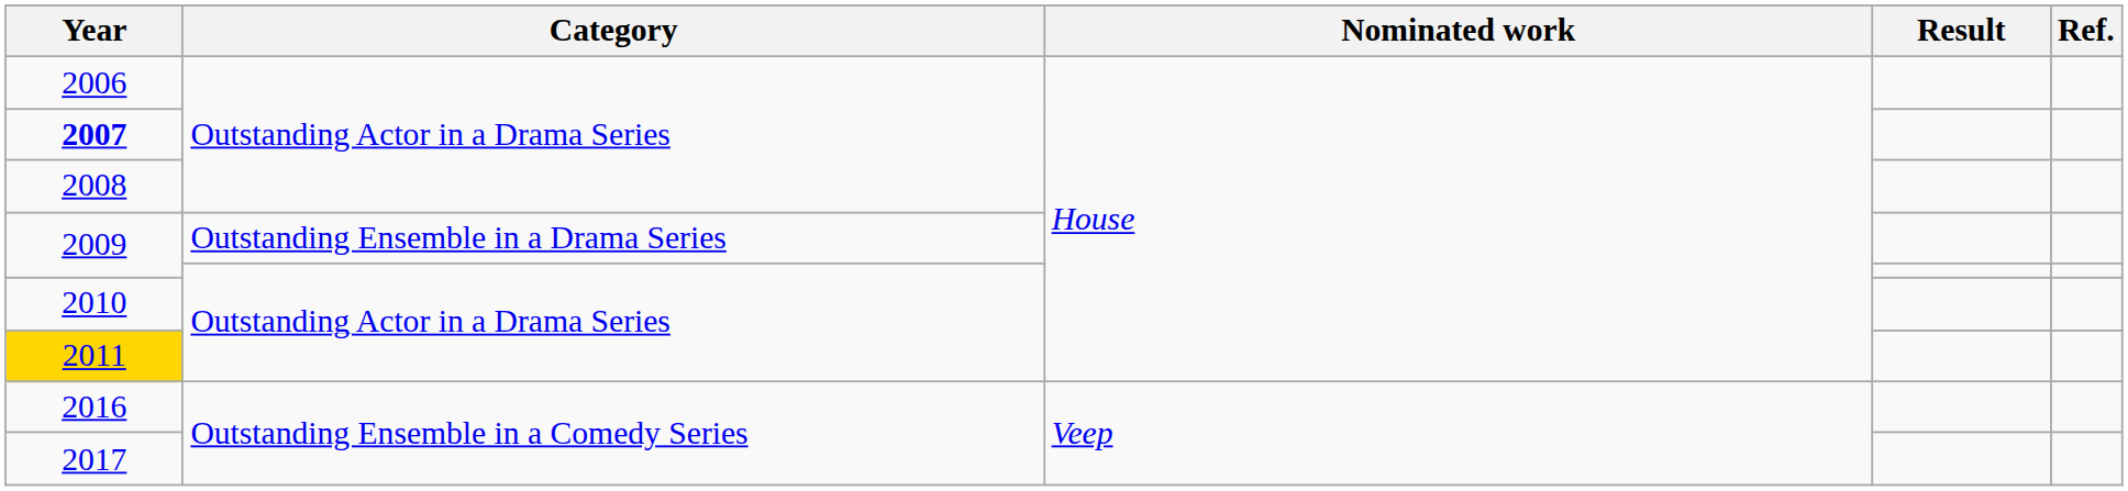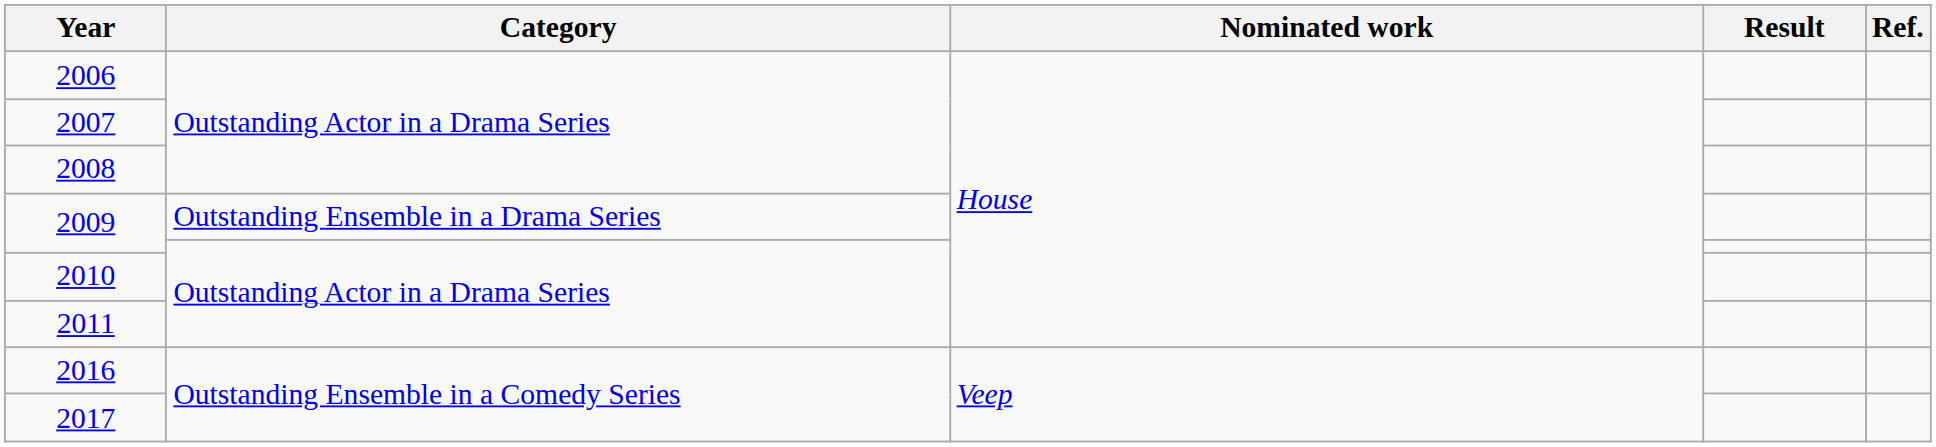 <table class=wikitable>
 <tr>
 <th scope="col" style="width:5em;">Year</th>
 <th scope="col" style="width:26em;">Category</th>
 <th scope="col" style="width:25em;">Nominated work</th>
 <th scope="col" style="width:5em;">Result</th>
 <th>Ref.</th>
 </tr>
 <tr>
 <td style="text-align:center;"><a href='#'>2006</a></td>
 <td rowspan="3"><a href='#'>Outstanding Actor in a Drama Series</a></td>
 <td rowspan="7"><em><a href='#'>House</a></em></td>
 <td></td>
 <td style="text-align:center;"></td>
 </tr>
 <tr>
-<td style="text-align:center;"><strong><a href='#'>2007</a></strong></td>
+<td style="text-align:center;"><a href='#'>2007</a></td>
 <td></td>
 <td style="text-align:center;"></td>
 </tr>
 <tr>
 <td style="text-align:center;"><a href='#'>2008</a></td>
 <td></td>
 <td style="text-align:center;"></td>
 </tr>
 <tr>
 <td rowspan="2" style="text-align:center;"><a href='#'>2009</a></td>
 <td><a href='#'>Outstanding Ensemble in a Drama Series</a></td>
 <td></td>
 <td style="text-align:center;"></td>
 </tr>
 <tr>
 <td rowspan="3"><a href='#'>Outstanding Actor in a Drama Series</a></td>
 <td></td>
 <td style="text-align:center;"></td>
 </tr>
 <tr>
 <td style="text-align:center;"><a href='#'>2010</a></td>
 <td></td>
 <td style="text-align:center;"></td>
 </tr>
 <tr>
-<td style="background: gold; text-align:center;"><a href='#'>2011</a></td>
+<td style="text-align:center;"><a href='#'>2011</a></td>
 <td></td>
 <td style="text-align:center;"></td>
 </tr>
 <tr>
 <td style="text-align:center;"><a href='#'>2016</a></td>
 <td rowspan="2"><a href='#'>Outstanding Ensemble in a Comedy Series</a></td>
 <td rowspan="2"><em><a href='#'>Veep</a></em></td>
 <td></td>
 <td style="text-align:center;"></td>
 </tr>
 <tr>
 <td style="text-align:center;"><a href='#'>2017</a></td>
 <td></td>
 <td style="text-align:center;"></td>
 </tr>
 </table>
